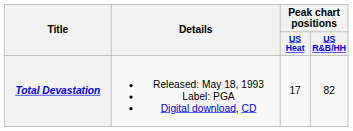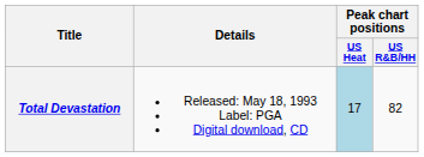 <table class="wikitable plainrowheaders" style="text-align:center;">
 <tr>
 <th scope="col" rowspan="2" style="width:10em;">Title</th>
 <th scope="col" rowspan="2" style="width:16em;">Details</th>
 <th scope="col" colspan="4">Peak chart positions</th>
 </tr>
 <tr>
 <th scope="col" style="width:3em;font-size:85%;"><a href='#'>US<br>Heat</a><br></th>
 <th scope="col" style="width:3em;font-size:85%;"><a href='#'>US<br>R&B/HH</a><br></th>
 </tr>
 <tr>
 <th scope="row"><em><a href='#'>Total Devastation</a></em></th>
 <td><br><ul><li>Released: May 18, 1993</li><li>Label: PGA</li><li><a href='#'>Digital download</a>, <a href='#'>CD</a></li></ul></td>
-<td>17</td>
+<td style="background: lightblue;">17</td>
 <td>82</td>
 </tr>
 </table>
